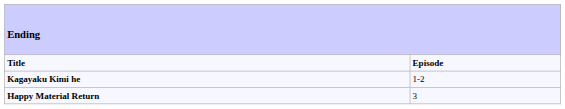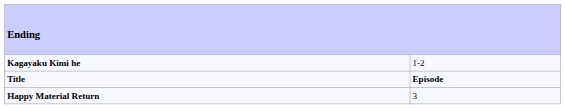 <table border="" cellpadding="4" cellspacing="0" width="100%" style="border: 1px #aaaaaa solid; border-collapse: collapse; padding: 0.2em; margin: 1em 1em 1em 0; background: #f7f8ff; font-size:0.9em">
 <tr valign="middle" bgcolor="#ccccff">
 <td colspan=2><br><h3>Ending</h3></td>
+</tr>
+<tr>
+<td><strong>Kagayaku Kimi he</strong></td>
+<td>1-2</td>
 </tr>
 <tr>
 <td><strong>Title</strong></td>
 <td><strong>Episode</strong></td>
 </tr>
 <tr>
-<td><strong>Kagayaku Kimi he</strong></td>
-<td>1-2</td>
-</tr>
-<tr>
 <td><strong>Happy Material Return</strong></td>
 <td>3</td>
 </tr>
 </table>
